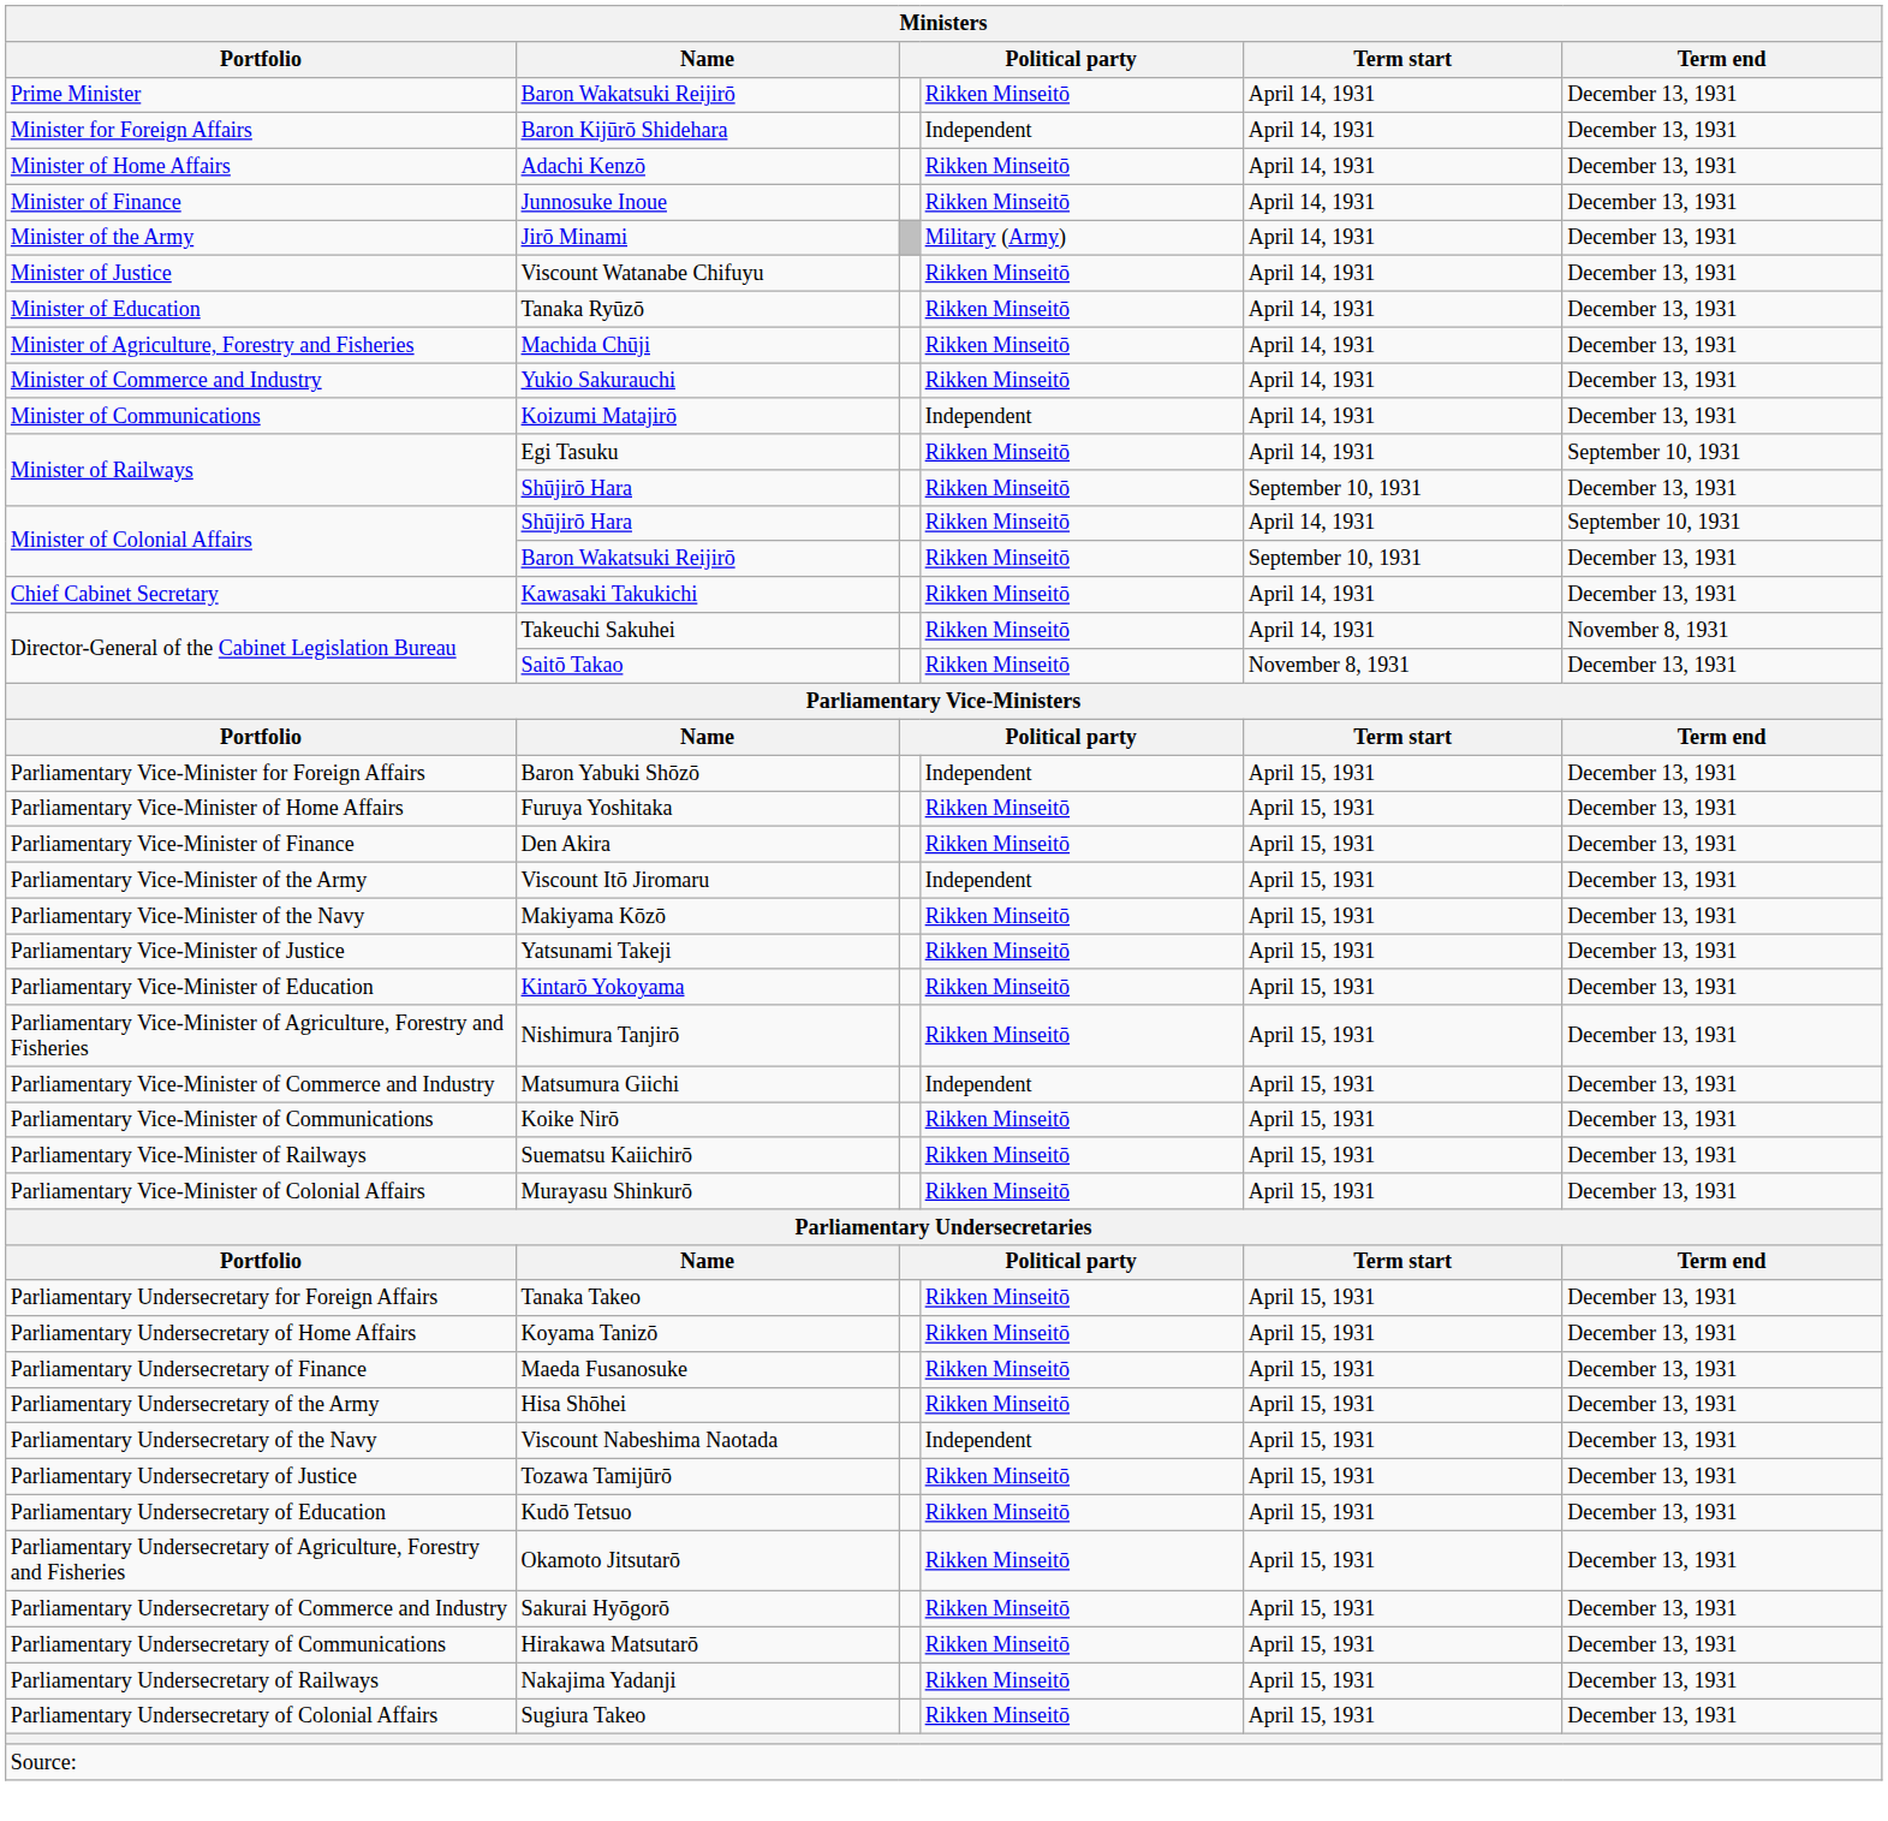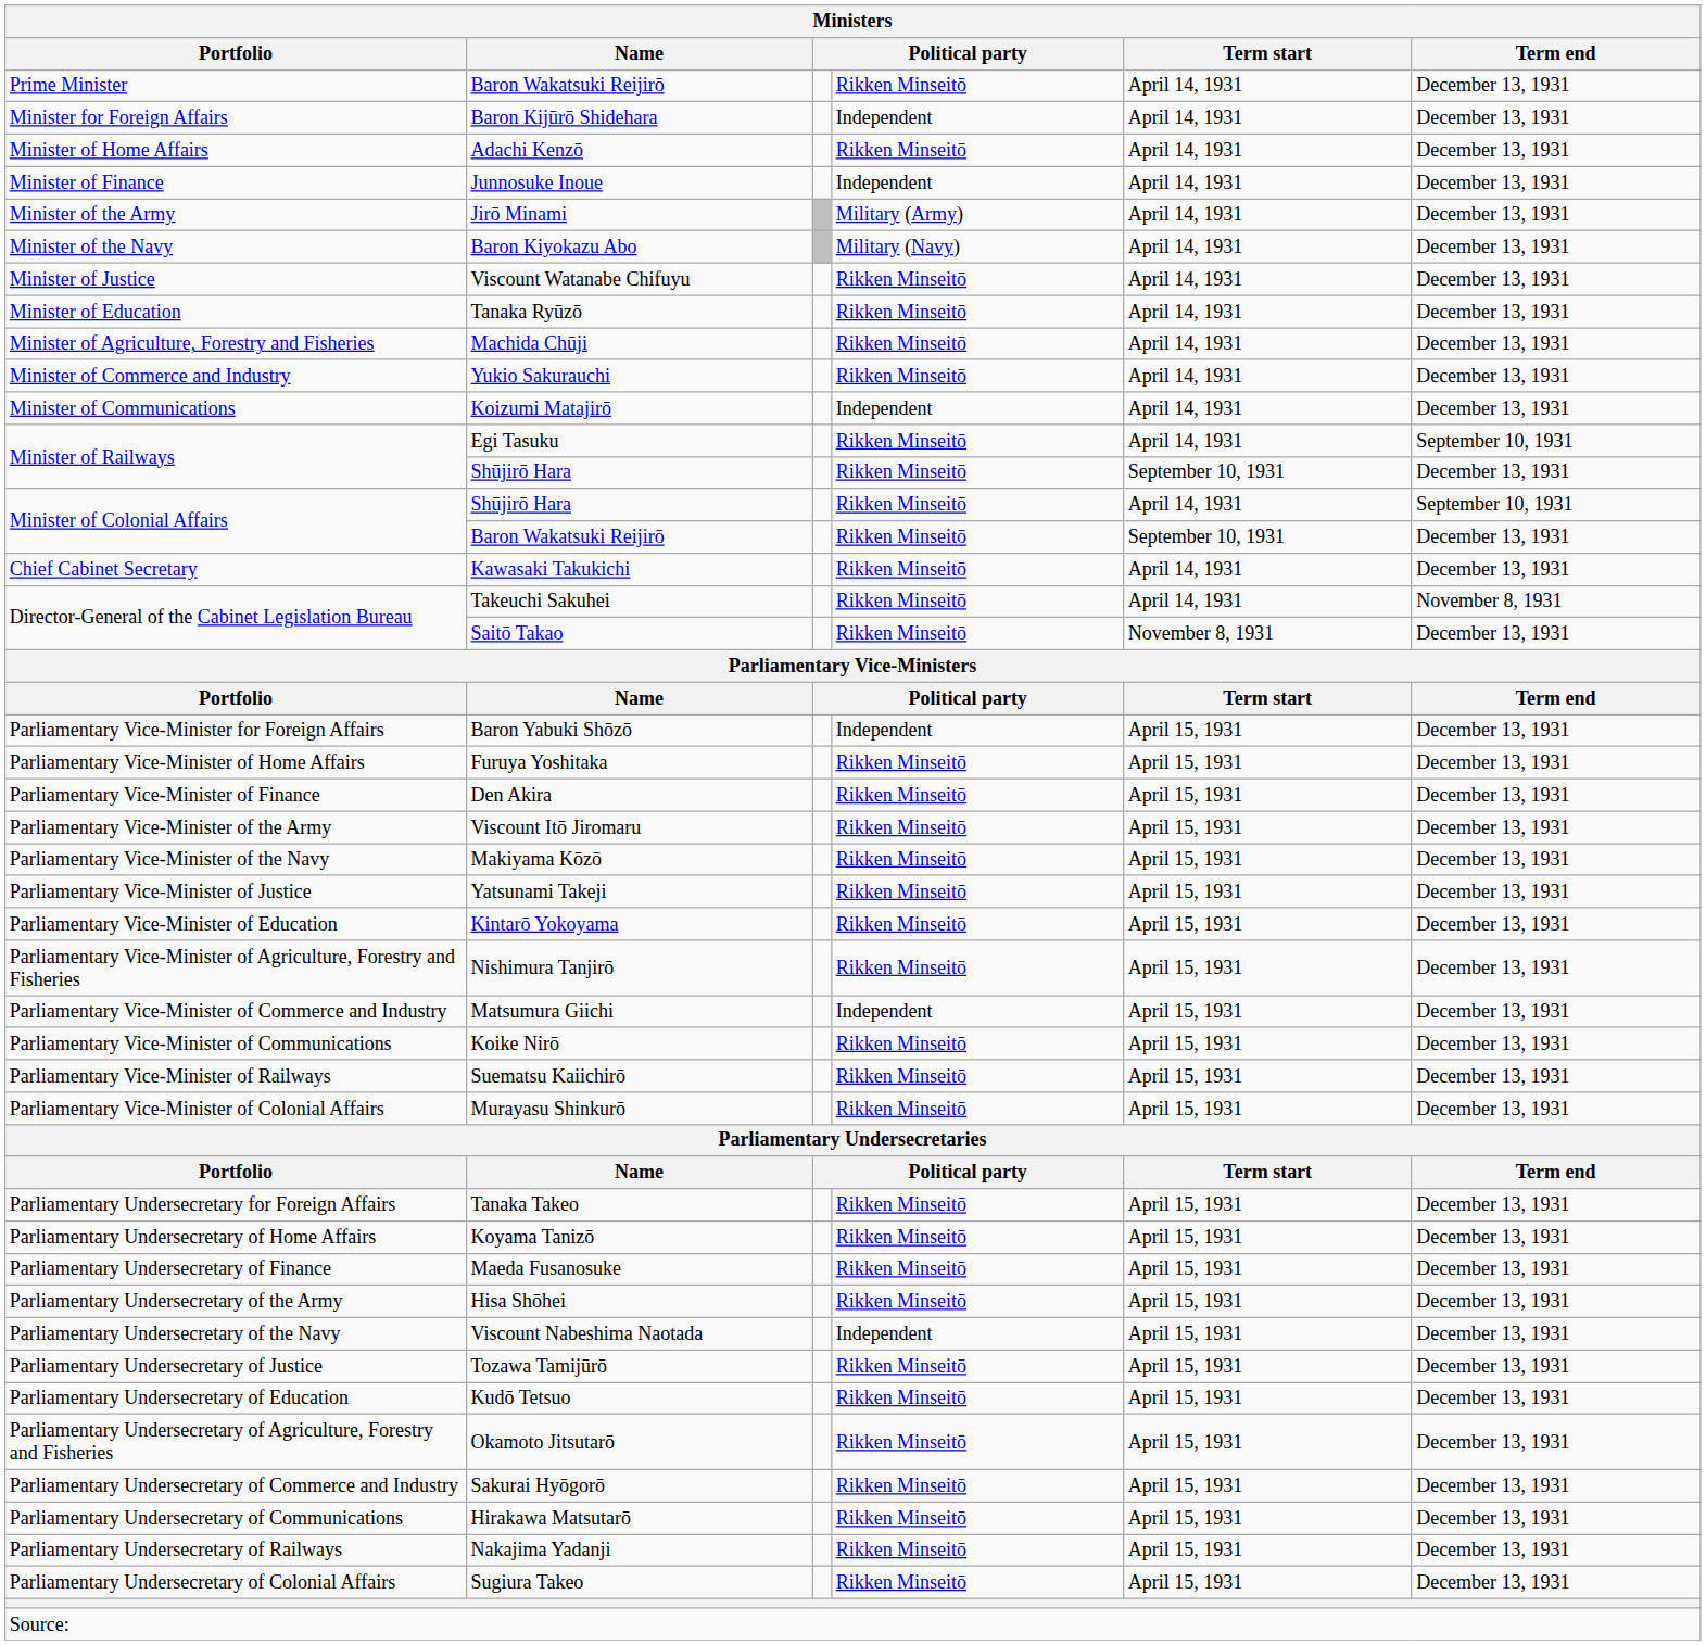 <table class="wikitable unsortable" style="font-size: 90%;">
 <tr>
 <th colspan="6">Ministers</th>
 </tr>
 <tr>
 <th scope="col" width="20%">Portfolio</th>
 <th scope="col" width="15%">Name</th>
 <th colspan="2" scope="col" width="13.5%">Political party</th>
 <th scope="col" width="12.5%">Term start</th>
 <th scope="col" width="12.5%">Term end</th>
 </tr>
 <tr>
 <td style="text-align: left;"><a href='#'>Prime Minister</a></td>
 <td><a href='#'>Baron Wakatsuki Reijirō</a></td>
 <td style="color:inherit;background:"></td>
 <td><a href='#'>Rikken Minseitō</a></td>
 <td>April 14, 1931</td>
 <td>December 13, 1931</td>
 </tr>
 <tr>
 <td><a href='#'>Minister for Foreign Affairs</a></td>
 <td><a href='#'>Baron Kijūrō Shidehara</a></td>
 <td style="color:inherit;background:"></td>
 <td>Independent</td>
 <td>April 14, 1931</td>
 <td>December 13, 1931</td>
 </tr>
 <tr>
 <td><a href='#'>Minister of Home Affairs</a></td>
 <td><a href='#'>Adachi Kenzō</a></td>
 <td style="color:inherit;background:"></td>
 <td><a href='#'>Rikken Minseitō</a></td>
 <td>April 14, 1931</td>
 <td>December 13, 1931</td>
 </tr>
 <tr>
 <td><a href='#'>Minister of Finance</a></td>
 <td><a href='#'>Junnosuke Inoue</a></td>
 <td style="color:inherit;background:"></td>
-<td><a href='#'>Rikken Minseitō</a></td>
+<td>Independent</td>
 <td>April 14, 1931</td>
 <td>December 13, 1931</td>
 </tr>
 <tr>
 <td><a href='#'>Minister of the Army</a></td>
 <td><a href='#'>Jirō Minami</a></td>
 <td style="color:inherit;background:#bfbfbf"></td>
 <td><a href='#'>Military</a> (<a href='#'>Army</a>)</td>
+<td>April 14, 1931</td>
+<td>December 13, 1931</td>
+</tr>
+<tr>
+<td><a href='#'>Minister of the Navy</a></td>
+<td><a href='#'>Baron Kiyokazu Abo</a></td>
+<td style="color:inherit;background:#bfbfbf"></td>
+<td><a href='#'>Military</a> (<a href='#'>Navy</a>)</td>
 <td>April 14, 1931</td>
 <td>December 13, 1931</td>
 </tr>
 <tr>
 <td><a href='#'>Minister of Justice</a></td>
 <td>Viscount Watanabe Chifuyu</td>
 <td style="color:inherit;background:"></td>
 <td><a href='#'>Rikken Minseitō</a></td>
 <td>April 14, 1931</td>
 <td>December 13, 1931</td>
 </tr>
 <tr>
 <td><a href='#'>Minister of Education</a></td>
 <td>Tanaka Ryūzō</td>
 <td style="color:inherit;background:"></td>
 <td><a href='#'>Rikken Minseitō</a></td>
 <td>April 14, 1931</td>
 <td>December 13, 1931</td>
 </tr>
 <tr>
 <td><a href='#'>Minister of Agriculture, Forestry and Fisheries</a></td>
 <td><a href='#'>Machida Chūji</a></td>
 <td style="color:inherit;background:"></td>
 <td><a href='#'>Rikken Minseitō</a></td>
 <td>April 14, 1931</td>
 <td>December 13, 1931</td>
 </tr>
 <tr>
 <td><a href='#'>Minister of Commerce and Industry</a></td>
 <td><a href='#'>Yukio Sakurauchi</a></td>
 <td style="color:inherit;background:"></td>
 <td><a href='#'>Rikken Minseitō</a></td>
 <td>April 14, 1931</td>
 <td>December 13, 1931</td>
 </tr>
 <tr>
 <td><a href='#'>Minister of Communications</a></td>
 <td><a href='#'>Koizumi Matajirō</a></td>
 <td style="color:inherit;background:"></td>
 <td>Independent</td>
 <td>April 14, 1931</td>
 <td>December 13, 1931</td>
 </tr>
 <tr>
 <td rowspan="2"><a href='#'>Minister of Railways</a></td>
 <td>Egi Tasuku</td>
 <td style="color:inherit;background:"></td>
 <td><a href='#'>Rikken Minseitō</a></td>
 <td>April 14, 1931</td>
 <td>September 10, 1931</td>
 </tr>
 <tr>
 <td><a href='#'>Shūjirō Hara</a></td>
 <td style="color:inherit;background:"></td>
 <td><a href='#'>Rikken Minseitō</a></td>
 <td>September 10, 1931</td>
 <td>December 13, 1931</td>
 </tr>
 <tr>
 <td rowspan="2"><a href='#'>Minister of Colonial Affairs</a></td>
 <td><a href='#'>Shūjirō Hara</a></td>
 <td style="color:inherit;background:"></td>
 <td><a href='#'>Rikken Minseitō</a></td>
 <td>April 14, 1931</td>
 <td>September 10, 1931</td>
 </tr>
 <tr>
 <td><a href='#'>Baron Wakatsuki Reijirō</a></td>
 <td style="color:inherit;background:"></td>
 <td><a href='#'>Rikken Minseitō</a></td>
 <td>September 10, 1931</td>
 <td>December 13, 1931</td>
 </tr>
 <tr>
 <td><a href='#'>Chief Cabinet Secretary</a></td>
 <td><a href='#'>Kawasaki Takukichi</a></td>
 <td style="color:inherit;background:"></td>
 <td><a href='#'>Rikken Minseitō</a></td>
 <td>April 14, 1931</td>
 <td>December 13, 1931</td>
 </tr>
 <tr>
 <td rowspan="2">Director-General of the <a href='#'>Cabinet Legislation Bureau</a></td>
 <td>Takeuchi Sakuhei</td>
 <td style="color:inherit;background:"></td>
 <td><a href='#'>Rikken Minseitō</a></td>
 <td>April 14, 1931</td>
 <td>November 8, 1931</td>
 </tr>
 <tr>
 <td><a href='#'>Saitō Takao</a></td>
 <td style="color:inherit;background:"></td>
 <td><a href='#'>Rikken Minseitō</a></td>
 <td>November 8, 1931</td>
 <td>December 13, 1931</td>
 </tr>
 <tr>
 <th colspan="6">Parliamentary Vice-Ministers</th>
 </tr>
 <tr>
 <th>Portfolio</th>
 <th>Name</th>
 <th colspan="2">Political party</th>
 <th>Term start</th>
 <th>Term end</th>
 </tr>
 <tr>
 <td>Parliamentary Vice-Minister for Foreign Affairs</td>
 <td>Baron Yabuki Shōzō</td>
 <td style="color:inherit;background:"></td>
 <td>Independent</td>
 <td>April 15, 1931</td>
 <td>December 13, 1931</td>
 </tr>
 <tr>
 <td>Parliamentary Vice-Minister of Home Affairs</td>
 <td>Furuya Yoshitaka</td>
 <td style="color:inherit;background:"></td>
 <td><a href='#'>Rikken Minseitō</a></td>
 <td>April 15, 1931</td>
 <td>December 13, 1931</td>
 </tr>
 <tr>
 <td>Parliamentary Vice-Minister of Finance</td>
 <td>Den Akira</td>
 <td style="color:inherit;background:"></td>
 <td><a href='#'>Rikken Minseitō</a></td>
 <td>April 15, 1931</td>
 <td>December 13, 1931</td>
 </tr>
 <tr>
 <td>Parliamentary Vice-Minister of the Army</td>
 <td>Viscount Itō Jiromaru</td>
 <td style="color:inherit;background:"></td>
-<td>Independent</td>
+<td><a href='#'>Rikken Minseitō</a></td>
 <td>April 15, 1931</td>
 <td>December 13, 1931</td>
 </tr>
 <tr>
 <td>Parliamentary Vice-Minister of the Navy</td>
 <td>Makiyama Kōzō</td>
 <td style="color:inherit;background:"></td>
 <td><a href='#'>Rikken Minseitō</a></td>
 <td>April 15, 1931</td>
 <td>December 13, 1931</td>
 </tr>
 <tr>
 <td>Parliamentary Vice-Minister of Justice</td>
 <td>Yatsunami Takeji</td>
 <td style="color:inherit;background:"></td>
 <td><a href='#'>Rikken Minseitō</a></td>
 <td>April 15, 1931</td>
 <td>December 13, 1931</td>
 </tr>
 <tr>
 <td>Parliamentary Vice-Minister of Education</td>
 <td><a href='#'>Kintarō Yokoyama</a></td>
 <td style="color:inherit;background:"></td>
 <td><a href='#'>Rikken Minseitō</a></td>
 <td>April 15, 1931</td>
 <td>December 13, 1931</td>
 </tr>
 <tr>
 <td>Parliamentary Vice-Minister of Agriculture, Forestry and Fisheries</td>
 <td>Nishimura Tanjirō</td>
 <td style="color:inherit;background:"></td>
 <td><a href='#'>Rikken Minseitō</a></td>
 <td>April 15, 1931</td>
 <td>December 13, 1931</td>
 </tr>
 <tr>
 <td>Parliamentary Vice-Minister of Commerce and Industry</td>
 <td>Matsumura Giichi</td>
 <td style="color:inherit;background:"></td>
 <td>Independent</td>
 <td>April 15, 1931</td>
 <td>December 13, 1931</td>
 </tr>
 <tr>
 <td>Parliamentary Vice-Minister of Communications</td>
 <td>Koike Nirō</td>
 <td style="color:inherit;background:"></td>
 <td><a href='#'>Rikken Minseitō</a></td>
 <td>April 15, 1931</td>
 <td>December 13, 1931</td>
 </tr>
 <tr>
 <td>Parliamentary Vice-Minister of Railways</td>
 <td>Suematsu Kaiichirō</td>
 <td style="color:inherit;background:"></td>
 <td><a href='#'>Rikken Minseitō</a></td>
 <td>April 15, 1931</td>
 <td>December 13, 1931</td>
 </tr>
 <tr>
 <td>Parliamentary Vice-Minister of Colonial Affairs</td>
 <td>Murayasu Shinkurō</td>
 <td style="color:inherit;background:"></td>
 <td><a href='#'>Rikken Minseitō</a></td>
 <td>April 15, 1931</td>
 <td>December 13, 1931</td>
 </tr>
 <tr>
 <th colspan="6">Parliamentary Undersecretaries</th>
 </tr>
 <tr>
 <th>Portfolio</th>
 <th>Name</th>
 <th colspan="2">Political party</th>
 <th>Term start</th>
 <th>Term end</th>
 </tr>
 <tr>
 <td>Parliamentary Undersecretary for Foreign Affairs</td>
 <td>Tanaka Takeo</td>
 <td style="color:inherit;background:"></td>
 <td><a href='#'>Rikken Minseitō</a></td>
 <td>April 15, 1931</td>
 <td>December 13, 1931</td>
 </tr>
 <tr>
 <td>Parliamentary Undersecretary of Home Affairs</td>
 <td>Koyama Tanizō</td>
 <td style="color:inherit;background:"></td>
 <td><a href='#'>Rikken Minseitō</a></td>
 <td>April 15, 1931</td>
 <td>December 13, 1931</td>
 </tr>
 <tr>
 <td>Parliamentary Undersecretary of Finance</td>
 <td>Maeda Fusanosuke</td>
 <td style="color:inherit;background:"></td>
 <td><a href='#'>Rikken Minseitō</a></td>
 <td>April 15, 1931</td>
 <td>December 13, 1931</td>
 </tr>
 <tr>
 <td>Parliamentary Undersecretary of the Army</td>
 <td>Hisa Shōhei</td>
 <td style="color:inherit;background:"></td>
 <td><a href='#'>Rikken Minseitō</a></td>
 <td>April 15, 1931</td>
 <td>December 13, 1931</td>
 </tr>
 <tr>
 <td>Parliamentary Undersecretary of the Navy</td>
 <td>Viscount Nabeshima Naotada</td>
 <td style="color:inherit;background:"></td>
 <td>Independent</td>
 <td>April 15, 1931</td>
 <td>December 13, 1931</td>
 </tr>
 <tr>
 <td>Parliamentary Undersecretary of Justice</td>
 <td>Tozawa Tamijūrō</td>
 <td style="color:inherit;background:"></td>
 <td><a href='#'>Rikken Minseitō</a></td>
 <td>April 15, 1931</td>
 <td>December 13, 1931</td>
 </tr>
 <tr>
 <td>Parliamentary Undersecretary of Education</td>
 <td>Kudō Tetsuo</td>
 <td style="color:inherit;background:"></td>
 <td><a href='#'>Rikken Minseitō</a></td>
 <td>April 15, 1931</td>
 <td>December 13, 1931</td>
 </tr>
 <tr>
 <td>Parliamentary Undersecretary of Agriculture, Forestry and Fisheries</td>
 <td>Okamoto Jitsutarō</td>
 <td style="color:inherit;background:"></td>
 <td><a href='#'>Rikken Minseitō</a></td>
 <td>April 15, 1931</td>
 <td>December 13, 1931</td>
 </tr>
 <tr>
 <td>Parliamentary Undersecretary of Commerce and Industry</td>
 <td>Sakurai Hyōgorō</td>
 <td style="color:inherit;background:"></td>
 <td><a href='#'>Rikken Minseitō</a></td>
 <td>April 15, 1931</td>
 <td>December 13, 1931</td>
 </tr>
 <tr>
 <td>Parliamentary Undersecretary of Communications</td>
 <td>Hirakawa Matsutarō</td>
 <td style="color:inherit;background:"></td>
 <td><a href='#'>Rikken Minseitō</a></td>
 <td>April 15, 1931</td>
 <td>December 13, 1931</td>
 </tr>
 <tr>
 <td>Parliamentary Undersecretary of Railways</td>
 <td>Nakajima Yadanji</td>
 <td style="color:inherit;background:"></td>
 <td><a href='#'>Rikken Minseitō</a></td>
 <td>April 15, 1931</td>
 <td>December 13, 1931</td>
 </tr>
 <tr>
 <td>Parliamentary Undersecretary of Colonial Affairs</td>
 <td>Sugiura Takeo</td>
 <td style="color:inherit;background:"></td>
 <td><a href='#'>Rikken Minseitō</a></td>
 <td>April 15, 1931</td>
 <td>December 13, 1931</td>
 </tr>
 <tr>
 <th colspan="6"></th>
 </tr>
 <tr>
 <td colspan="6">Source:</td>
 </tr>
 </table>
